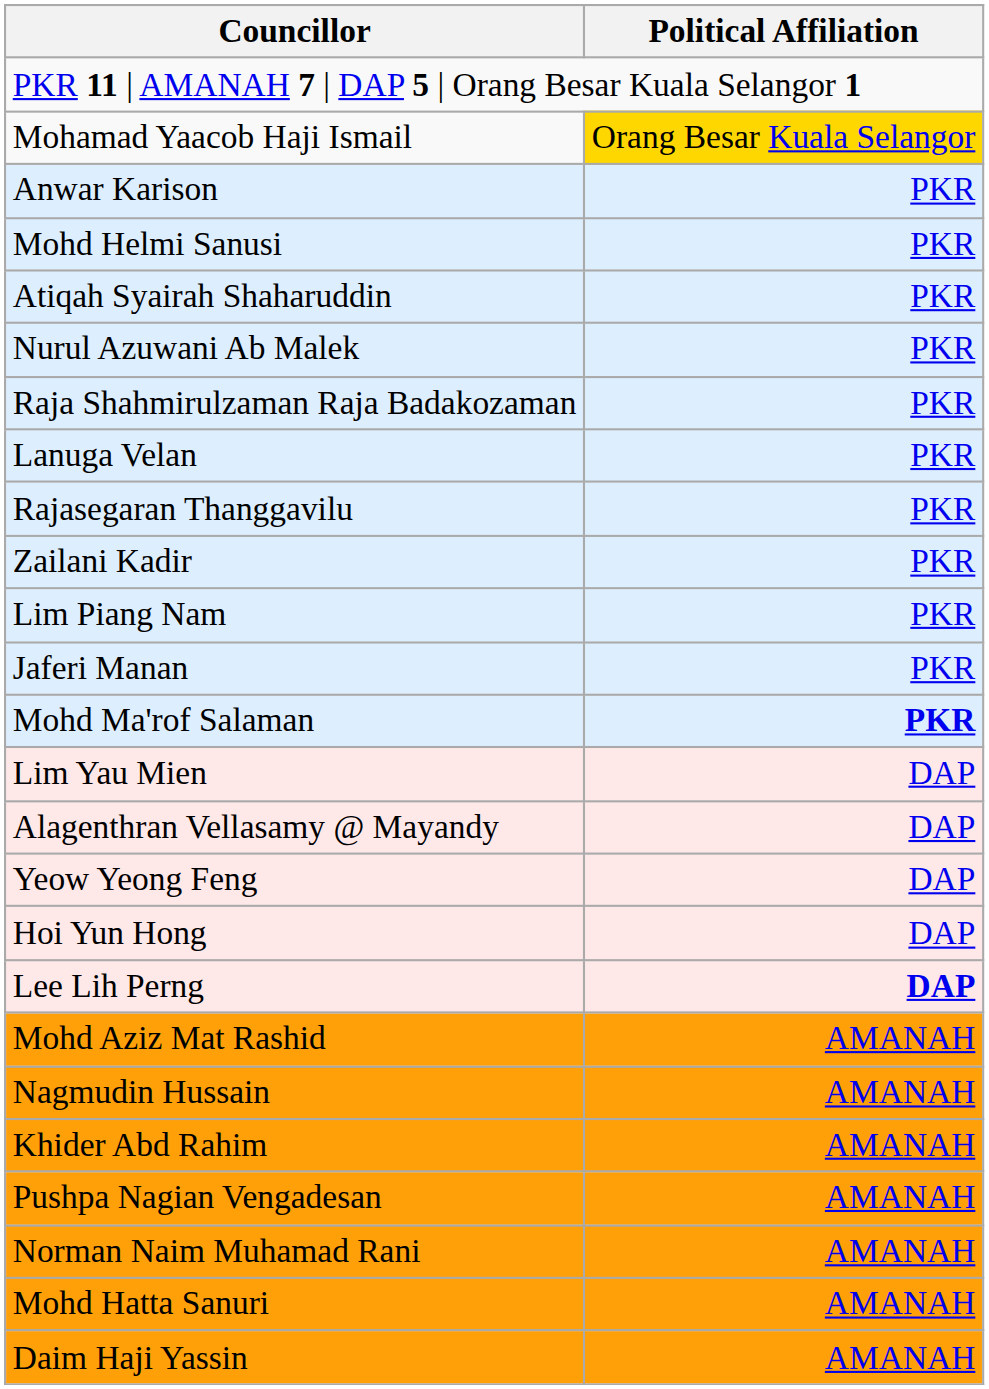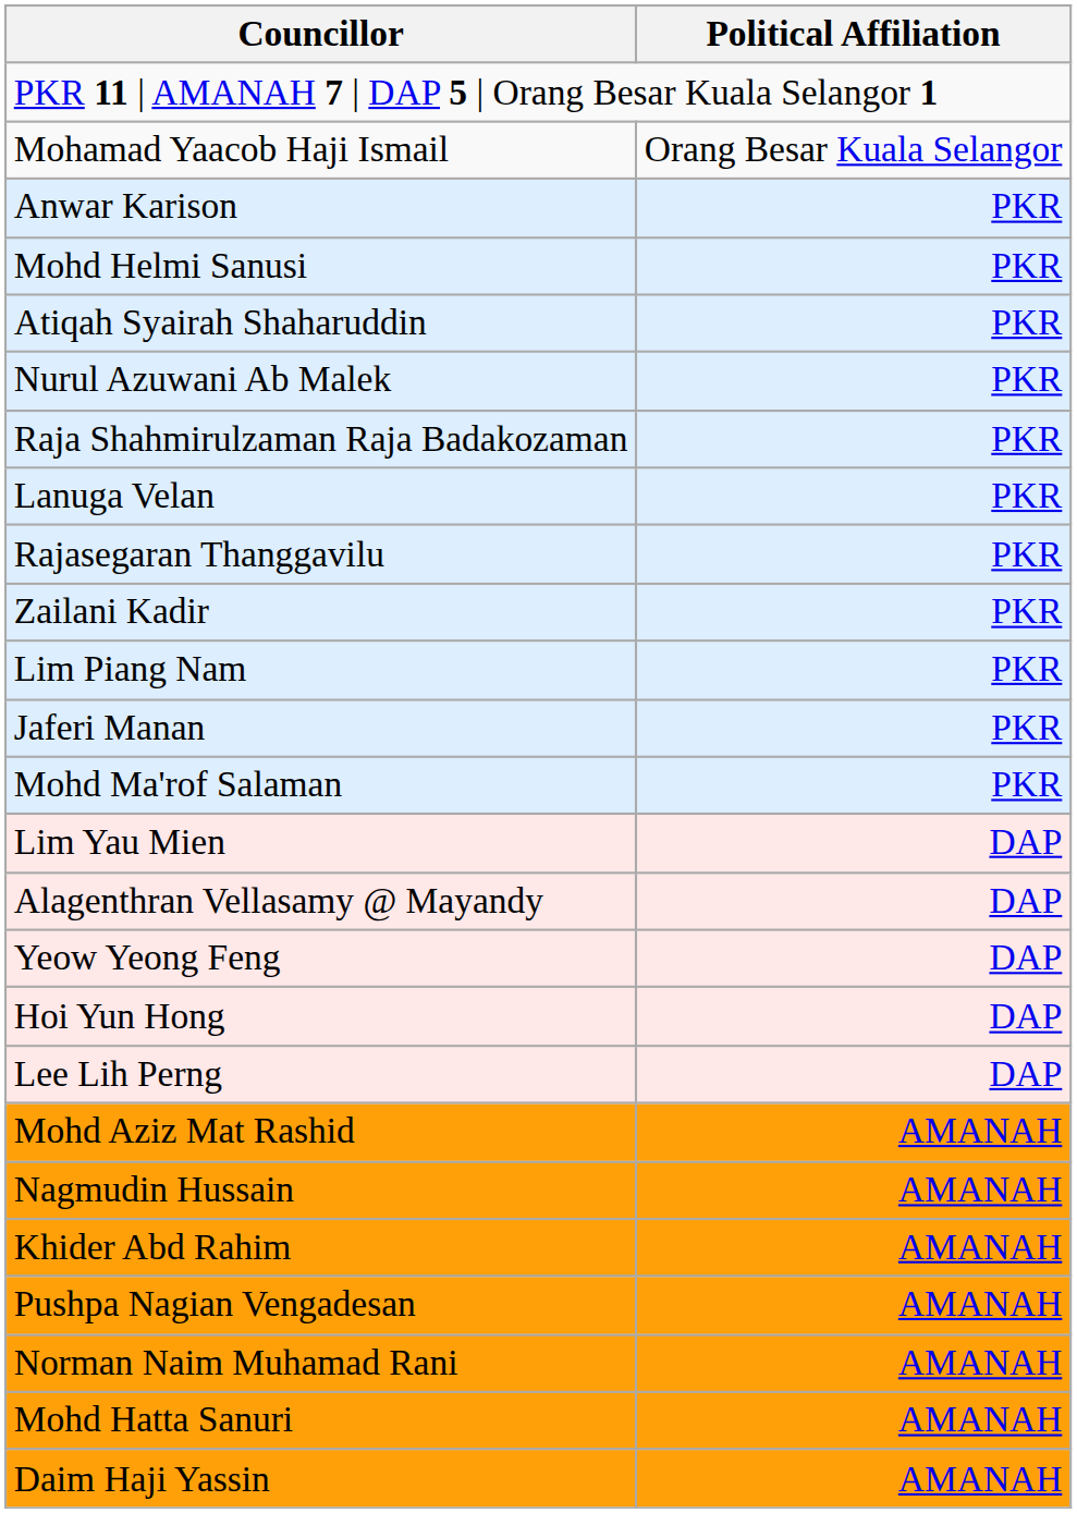 <table class="wikitable sortable mw-collapsible">
 <tr>
 <th>Councillor</th>
 <th>Political Affiliation</th>
 </tr>
 <tr>
 <td colspan = "8"><a href='#'>PKR</a> <strong>11</strong> |  <a href='#'>AMANAH</a> <strong>7</strong> | <a href='#'>DAP</a> <strong>5</strong>   | Orang Besar Kuala Selangor <strong>1</strong></td>
 </tr>
 <tr>
 <td>Mohamad Yaacob Haji Ismail</td>
-<td align="right" style="background: gold;">Orang Besar <a href='#'>Kuala Selangor</a></td>
+<td align="right">Orang Besar <a href='#'>Kuala Selangor</a></td>
 </tr>
 <tr bgcolor="ddeeff">
 <td>Anwar Karison</td>
 <td align="right"><a href='#'>PKR</a></td>
 </tr>
 <tr bgcolor="ddeeff">
 <td>Mohd Helmi Sanusi</td>
 <td align="right"><a href='#'>PKR</a></td>
 </tr>
 <tr bgcolor="ddeeff">
 <td>Atiqah Syairah Shaharuddin</td>
 <td align="right"><a href='#'>PKR</a></td>
 </tr>
 <tr bgcolor="ddeeff">
 <td>Nurul Azuwani Ab Malek</td>
 <td align="right"><a href='#'>PKR</a></td>
 </tr>
 <tr bgcolor="ddeeff">
 <td>Raja Shahmirulzaman Raja Badakozaman</td>
 <td align="right"><a href='#'>PKR</a></td>
 </tr>
 <tr bgcolor="ddeeff">
 <td>Lanuga Velan</td>
 <td align="right"><a href='#'>PKR</a></td>
 </tr>
 <tr bgcolor="ddeeff">
 <td>Rajasegaran Thanggavilu</td>
 <td align="right"><a href='#'>PKR</a></td>
 </tr>
 <tr bgcolor="ddeeff">
 <td>Zailani Kadir</td>
 <td align="right"><a href='#'>PKR</a></td>
 </tr>
 <tr bgcolor="ddeeff">
 <td>Lim Piang Nam</td>
 <td align="right"><a href='#'>PKR</a></td>
 </tr>
 <tr bgcolor="ddeeff">
 <td>Jaferi Manan</td>
 <td align="right"><a href='#'>PKR</a></td>
 </tr>
 <tr bgcolor="ddeeff">
 <td>Mohd Ma'rof Salaman</td>
-<td align="right"><strong><a href='#'>PKR</a></strong></td>
+<td align="right"><a href='#'>PKR</a></td>
 </tr>
 <tr bgcolor="ffe8e8">
 <td>Lim Yau Mien</td>
 <td align="right"><a href='#'>DAP</a></td>
 </tr>
 <tr bgcolor="ffe8e8">
 <td>Alagenthran Vellasamy @ Mayandy</td>
 <td align="right"><a href='#'>DAP</a></td>
 </tr>
 <tr bgcolor="ffe8e8">
 <td>Yeow Yeong Feng</td>
 <td align="right"><a href='#'>DAP</a></td>
 </tr>
 <tr bgcolor="ffe8e8">
 <td>Hoi Yun Hong</td>
 <td align="right"><a href='#'>DAP</a></td>
 </tr>
 <tr bgcolor="ffe8e8">
 <td>Lee Lih Perng</td>
-<td align="right"><strong><a href='#'>DAP</a></strong></td>
+<td align="right"><a href='#'>DAP</a></td>
 </tr>
 <tr bgcolor="#FFA009">
 <td>Mohd Aziz Mat Rashid</td>
 <td align="right"><a href='#'>AMANAH</a></td>
 </tr>
 <tr bgcolor="#FFA009">
 <td>Nagmudin Hussain</td>
 <td align="right"><a href='#'>AMANAH</a></td>
 </tr>
 <tr bgcolor="#FFA009">
 <td>Khider Abd Rahim</td>
 <td align="right"><a href='#'>AMANAH</a></td>
 </tr>
 <tr bgcolor="#FFA009">
 <td>Pushpa Nagian Vengadesan</td>
 <td align="right"><a href='#'>AMANAH</a></td>
 </tr>
 <tr bgcolor="#FFA009">
 <td>Norman Naim Muhamad Rani</td>
 <td align="right"><a href='#'>AMANAH</a></td>
 </tr>
 <tr bgcolor="#FFA009">
 <td>Mohd Hatta Sanuri</td>
 <td align="right"><a href='#'>AMANAH</a></td>
 </tr>
 <tr bgcolor="#FFA009">
 <td>Daim Haji Yassin</td>
 <td align="right"><a href='#'>AMANAH</a></td>
 </tr>
 </table>
